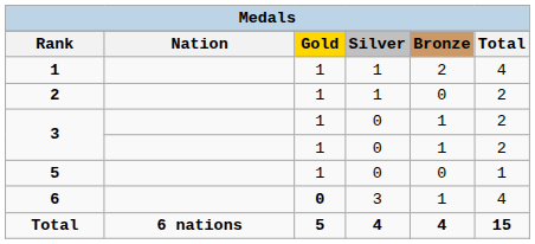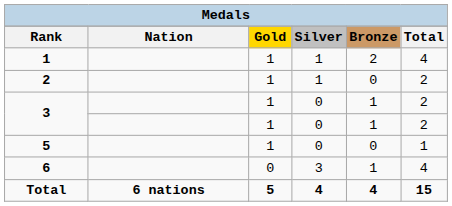 <table class=wikitable style=text-align:center>
 <tr>
 <td colspan=6 style="background:#BCD4E6"><strong>Medals</strong></td>
 </tr>
 <tr>
 </tr>
 <tr style="background-color:#EDEDED;">
 <th width=75px class="hintergrundfarbe5">Rank</th>
 <th width=150px class="hintergrundfarbe6">Nation</th>
 <th width=35px style="background:gold">Gold</th>
 <th width=35px style="background:silver">Silver</th>
 <th width=35px style="background:#CC9966">Bronze</th>
 <th width=35px>Total</th>
 </tr>
 <tr>
 <td><strong>1</strong></td>
 <td style="text-align:left"></td>
 <td>1</td>
 <td>1</td>
 <td>2</td>
 <td>4</td>
 </tr>
 <tr>
 <td><strong>2</strong></td>
 <td style="text-align:left"></td>
 <td>1</td>
 <td>1</td>
 <td>0</td>
 <td>2</td>
 </tr>
 <tr>
 <td rowspan="2"><strong>3</strong></td>
 <td style="text-align:left"></td>
 <td>1</td>
 <td>0</td>
 <td>1</td>
 <td>2</td>
 </tr>
 <tr>
 <td style="text-align:left"></td>
 <td>1</td>
 <td>0</td>
 <td>1</td>
 <td>2</td>
 </tr>
 <tr>
 <td><strong>5</strong></td>
 <td style="text-align:left"></td>
 <td>1</td>
 <td>0</td>
 <td>0</td>
 <td>1</td>
 </tr>
 <tr>
 <td><strong>6</strong></td>
 <td style="text-align:left"></td>
-<td><strong>0</strong></td>
+<td>0</td>
 <td>3</td>
 <td>1</td>
 <td>4</td>
 </tr>
 <tr>
 <td><strong>Total</strong></td>
 <td><strong>6 nations</strong></td>
 <td><strong>5</strong></td>
 <td><strong>4</strong></td>
 <td><strong>4</strong></td>
 <td><strong>15</strong></td>
 </tr>
 </table>
